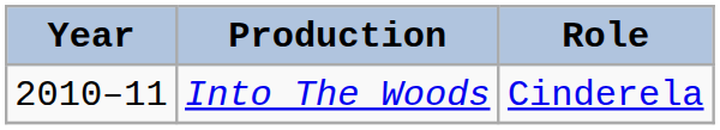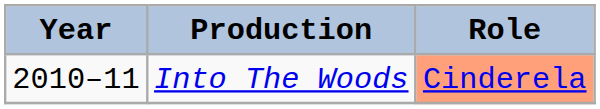 <table class="wikitable">
 <tr>
 <th style="background:#B0C4DE;">Year</th>
 <th style="background:#B0C4DE;">Production</th>
 <th style="background:#B0C4DE;">Role</th>
 </tr>
 <tr>
 <td>2010–11</td>
 <td><em><a href='#'>Into The Woods</a></em></td>
-<td align="center"><a href='#'>Cinderela</a></td>
+<td align="center" style="background: lightsalmon;"><a href='#'>Cinderela</a></td>
 </tr>
 <tr>
 </tr>
 </table>
